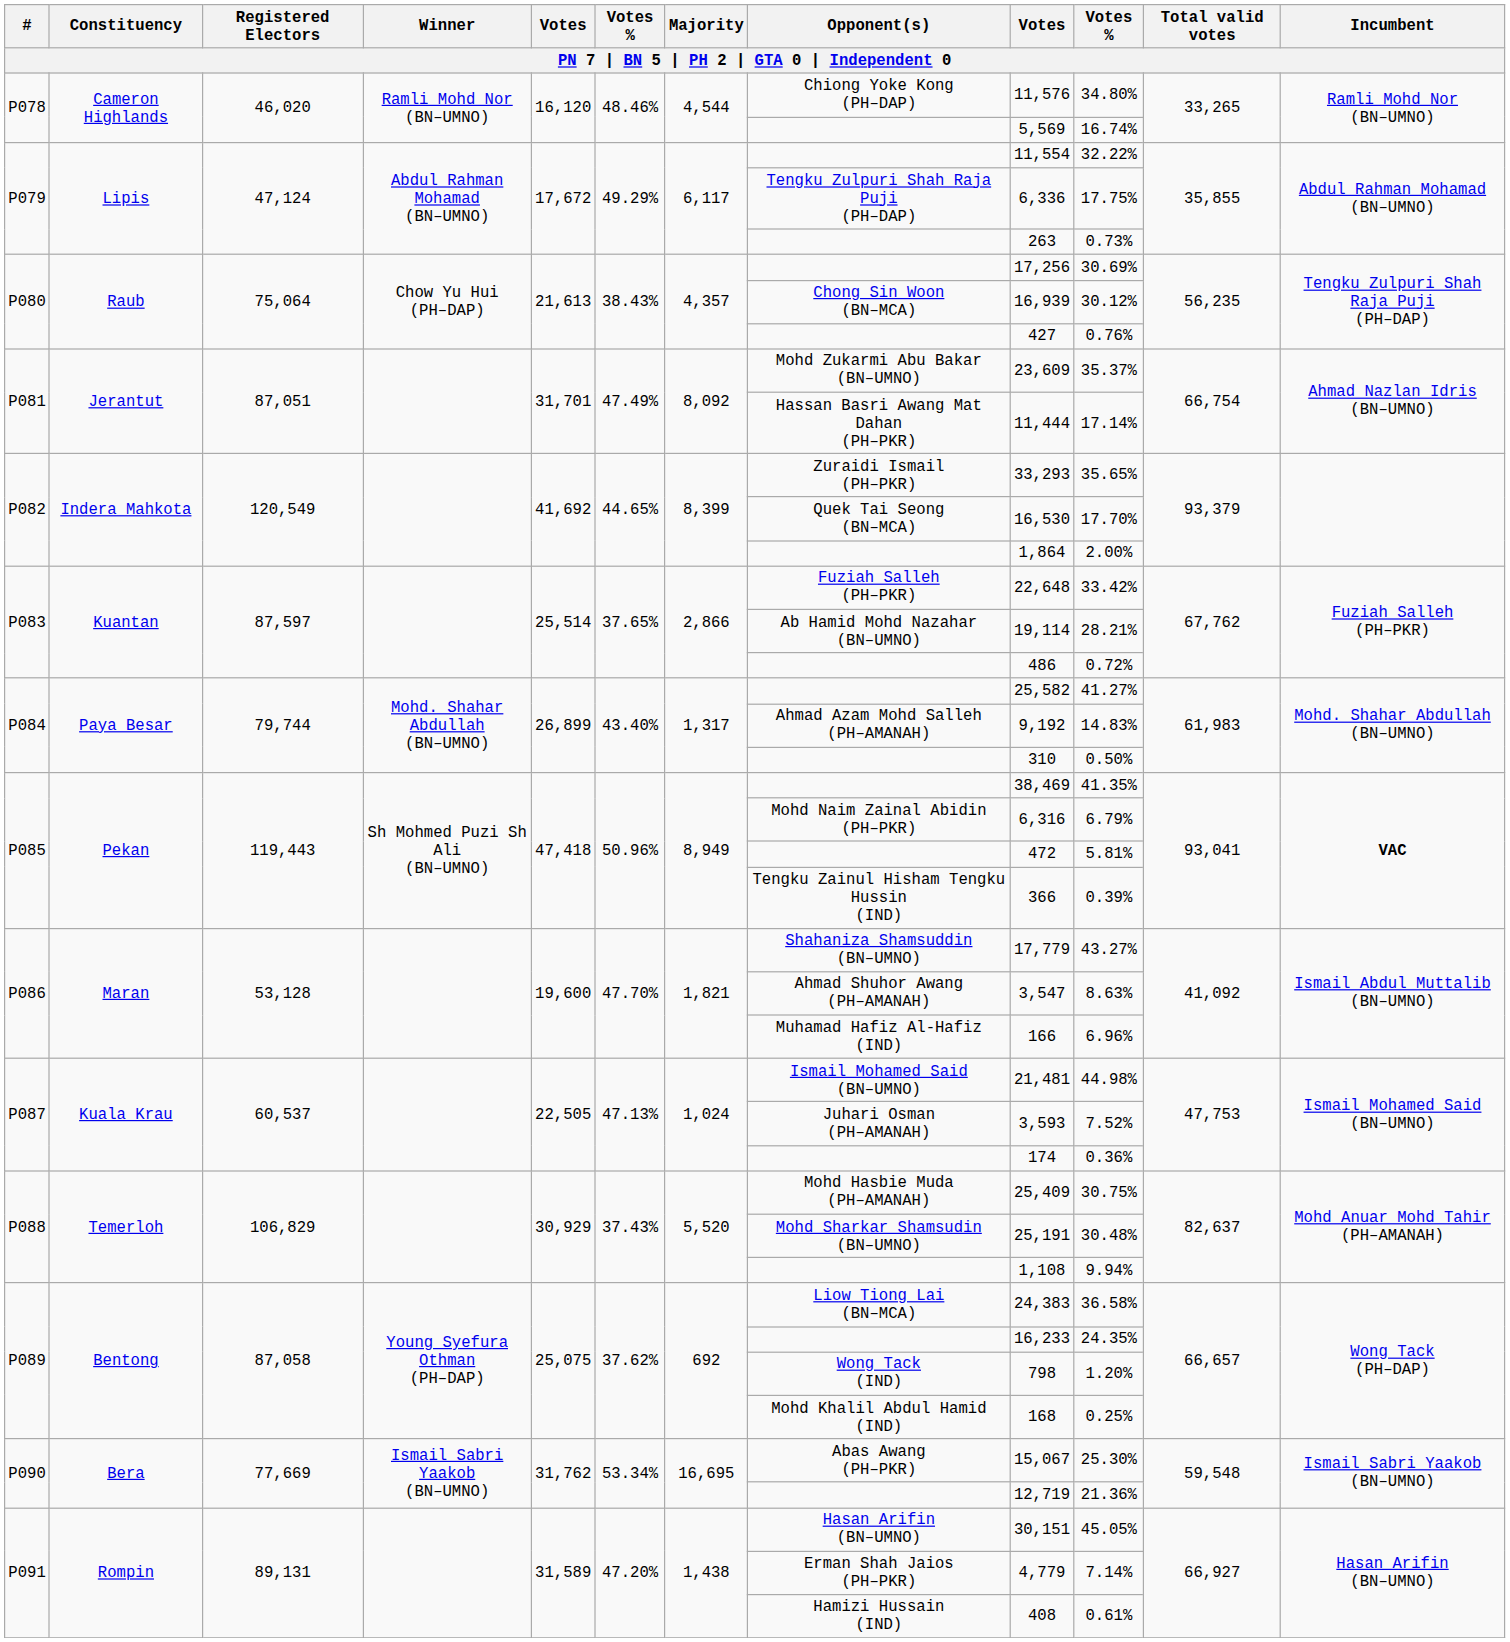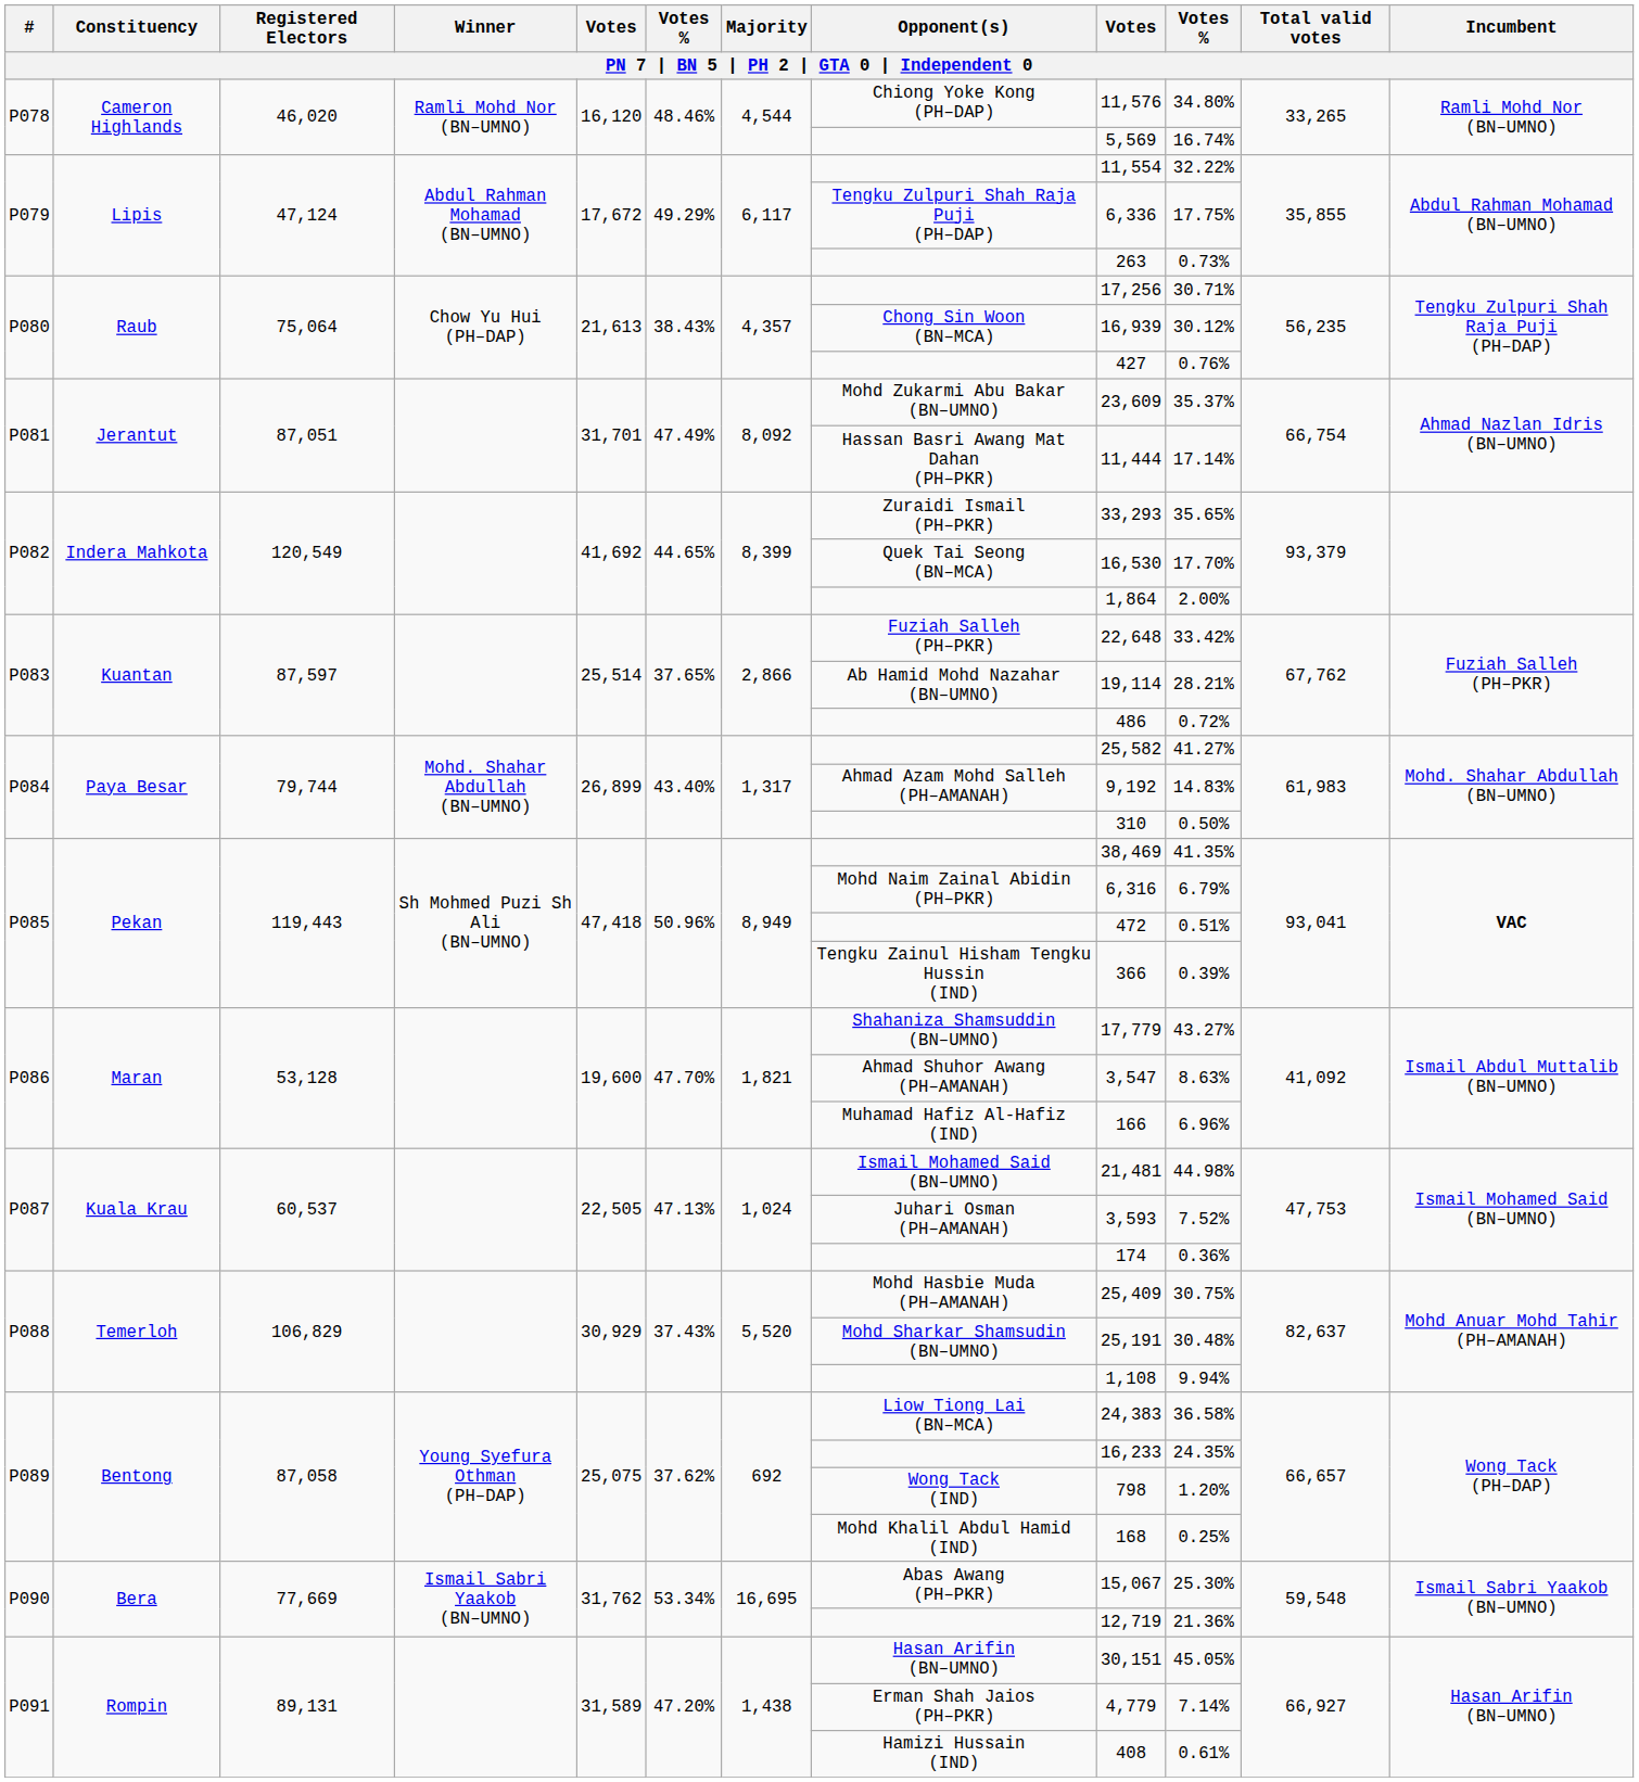 <table class="wikitable sortable" style">
 <tr>
 <th>#</th>
 <th>Constituency</th>
 <th>Registered Electors</th>
 <th>Winner</th>
 <th>Votes</th>
 <th>Votes %</th>
 <th>Majority</th>
 <th>Opponent(s)</th>
 <th>Votes</th>
 <th>Votes %</th>
 <th>Total valid votes</th>
 <th>Incumbent</th>
 </tr>
 <tr>
 <th colspan="13"><a href='#'>PN</a> <strong>7</strong> | <a href='#'>BN</a> <strong>5</strong> | <a href='#'>PH</a> <strong>2</strong>  | <a href='#'>GTA</a> <strong>0</strong> | <a href='#'>Independent</a> <strong>0</strong></th>
 </tr>
 <tr align="center">
 <td rowspan=2>P078</td>
 <td rowspan=2><a href='#'>Cameron Highlands</a></td>
 <td rowspan=2>46,020</td>
 <td rowspan=2><a href='#'>Ramli Mohd Nor</a><br>(BN–UMNO)</td>
 <td rowspan=2>16,120</td>
 <td rowspan=2>48.46%</td>
 <td rowspan=2>4,544</td>
 <td>Chiong Yoke Kong<br>(PH–DAP)</td>
 <td>11,576</td>
 <td>34.80%</td>
 <td rowspan=2>33,265</td>
 <td rowspan=2><a href='#'>Ramli Mohd Nor</a><br>(BN–UMNO)</td>
 </tr>
 <tr align="center">
 <td></td>
 <td>5,569</td>
 <td>16.74%</td>
 </tr>
 <tr align="center">
 <td rowspan=3>P079</td>
 <td rowspan=3><a href='#'>Lipis</a></td>
 <td rowspan=3>47,124</td>
 <td rowspan=3><a href='#'>Abdul Rahman Mohamad</a><br>(BN–UMNO)</td>
 <td rowspan=3>17,672</td>
 <td rowspan=3>49.29%</td>
 <td rowspan=3>6,117</td>
 <td></td>
 <td>11,554</td>
 <td>32.22%</td>
 <td rowspan=3>35,855</td>
 <td rowspan=3><a href='#'>Abdul Rahman Mohamad</a><br>(BN–UMNO)</td>
 </tr>
 <tr align="center">
 <td><a href='#'>Tengku Zulpuri Shah Raja Puji</a><br>(PH–DAP)</td>
 <td>6,336</td>
 <td>17.75%</td>
 </tr>
 <tr align="center">
 <td></td>
 <td>263</td>
 <td>0.73%</td>
 </tr>
 <tr align="center">
 <td rowspan=3>P080</td>
 <td rowspan=3><a href='#'>Raub</a></td>
 <td rowspan=3>75,064</td>
 <td rowspan=3>Chow Yu Hui<br>(PH–DAP)</td>
 <td rowspan=3>21,613</td>
 <td rowspan=3>38.43%</td>
 <td rowspan=3>4,357</td>
 <td></td>
 <td>17,256</td>
-<td>30.69%</td>
+<td>30.71%</td>
 <td rowspan=3>56,235</td>
 <td rowspan=3><a href='#'>Tengku Zulpuri Shah Raja Puji</a><br>(PH–DAP)</td>
 </tr>
 <tr align="center">
 <td><a href='#'>Chong Sin Woon</a><br>(BN–MCA)</td>
 <td>16,939</td>
 <td>30.12%</td>
 </tr>
 <tr align="center">
 <td></td>
 <td>427</td>
 <td>0.76%</td>
 </tr>
 <tr align="center">
 <td rowspan=2>P081</td>
 <td rowspan=2><a href='#'>Jerantut</a></td>
 <td rowspan=2>87,051</td>
 <td rowspan=2><br></td>
 <td rowspan=2>31,701</td>
 <td rowspan=2>47.49%</td>
 <td rowspan=2>8,092</td>
 <td>Mohd Zukarmi Abu Bakar<br>(BN–UMNO)</td>
 <td>23,609</td>
 <td>35.37%</td>
 <td rowspan=2>66,754</td>
 <td rowspan=2><a href='#'>Ahmad Nazlan Idris</a><br>(BN–UMNO)</td>
 </tr>
 <tr align="center">
 <td>Hassan Basri Awang Mat Dahan<br>(PH–PKR)</td>
 <td>11,444</td>
 <td>17.14%</td>
 </tr>
 <tr align="center">
 <td rowspan=3>P082</td>
 <td rowspan=3><a href='#'>Indera Mahkota</a></td>
 <td rowspan=3>120,549</td>
 <td rowspan=3><br></td>
 <td rowspan=3>41,692</td>
 <td rowspan=3>44.65%</td>
 <td rowspan=3>8,399</td>
 <td>Zuraidi Ismail<br>(PH–PKR)</td>
 <td>33,293</td>
 <td>35.65%</td>
 <td rowspan=3>93,379</td>
 <td rowspan=3><br></td>
 </tr>
 <tr align="center">
 <td>Quek Tai Seong<br>(BN–MCA)</td>
 <td>16,530</td>
 <td>17.70%</td>
 </tr>
 <tr align="center">
 <td></td>
 <td>1,864</td>
 <td>2.00%</td>
 </tr>
 <tr align="center">
 <td rowspan=3>P083</td>
 <td rowspan=3><a href='#'>Kuantan</a></td>
 <td rowspan=3>87,597</td>
 <td rowspan=3><br></td>
 <td rowspan=3>25,514</td>
 <td rowspan=3>37.65%</td>
 <td rowspan=3>2,866</td>
 <td><a href='#'>Fuziah Salleh</a><br>(PH–PKR)</td>
 <td>22,648</td>
 <td>33.42%</td>
 <td rowspan=3>67,762</td>
 <td rowspan=3><a href='#'>Fuziah Salleh</a><br>(PH–PKR)</td>
 </tr>
 <tr align="center">
 <td>Ab Hamid Mohd Nazahar<br>(BN–UMNO)</td>
 <td>19,114</td>
 <td>28.21%</td>
 </tr>
 <tr align="center">
 <td></td>
 <td>486</td>
 <td>0.72%</td>
 </tr>
 <tr align="center">
 <td rowspan=3>P084</td>
 <td rowspan=3><a href='#'>Paya Besar</a></td>
 <td rowspan=3>79,744</td>
 <td rowspan=3><a href='#'>Mohd. Shahar Abdullah</a><br>(BN–UMNO)</td>
 <td rowspan=3>26,899</td>
 <td rowspan=3>43.40%</td>
 <td rowspan=3>1,317</td>
 <td></td>
 <td>25,582</td>
 <td>41.27%</td>
 <td rowspan=3>61,983</td>
 <td rowspan=3><a href='#'>Mohd. Shahar Abdullah</a><br>(BN–UMNO)</td>
 </tr>
 <tr align="center">
 <td>Ahmad Azam Mohd Salleh<br>(PH–AMANAH)</td>
 <td>9,192</td>
 <td>14.83%</td>
 </tr>
 <tr align="center">
 <td></td>
 <td>310</td>
 <td>0.50%</td>
 </tr>
 <tr align="center">
 <td rowspan=4>P085</td>
 <td rowspan=4><a href='#'>Pekan</a></td>
 <td rowspan=4>119,443</td>
 <td rowspan=4>Sh Mohmed Puzi Sh Ali<br>(BN–UMNO)</td>
 <td rowspan=4>47,418</td>
 <td rowspan=4>50.96%</td>
 <td rowspan=4>8,949</td>
 <td></td>
 <td>38,469</td>
 <td>41.35%</td>
 <td rowspan=4>93,041</td>
 <td rowspan=4><strong>VAC</strong></td>
 </tr>
 <tr align="center">
 <td>Mohd Naim Zainal Abidin<br>(PH–PKR)</td>
 <td>6,316</td>
 <td>6.79%</td>
 </tr>
 <tr align="center">
 <td></td>
 <td>472</td>
-<td>5.81%</td>
+<td>0.51%</td>
 </tr>
 <tr align="center">
 <td>Tengku Zainul Hisham Tengku Hussin<br>(IND)</td>
 <td>366</td>
 <td>0.39%</td>
 </tr>
 <tr align="center">
 <td rowspan=3>P086</td>
 <td rowspan=3><a href='#'>Maran</a></td>
 <td rowspan=3>53,128</td>
 <td rowspan=3><br></td>
 <td rowspan=3>19,600</td>
 <td rowspan=3>47.70%</td>
 <td rowspan=3>1,821</td>
 <td><a href='#'>Shahaniza Shamsuddin</a><br>(BN–UMNO)</td>
 <td>17,779</td>
 <td>43.27%</td>
 <td rowspan=3>41,092</td>
 <td rowspan=3><a href='#'>Ismail Abdul Muttalib</a><br>(BN–UMNO)</td>
 </tr>
 <tr align="center">
 <td>Ahmad Shuhor Awang<br>(PH–AMANAH)</td>
 <td>3,547</td>
 <td>8.63%</td>
 </tr>
 <tr align="center">
 <td>Muhamad Hafiz Al-Hafiz<br>(IND)</td>
 <td>166</td>
 <td>6.96%</td>
 </tr>
 <tr align="center">
 <td rowspan=3>P087</td>
 <td rowspan=3><a href='#'>Kuala Krau</a></td>
 <td rowspan=3>60,537</td>
 <td rowspan=3></td>
 <td rowspan=3>22,505</td>
 <td rowspan=3>47.13%</td>
 <td rowspan=3>1,024</td>
 <td><a href='#'>Ismail Mohamed Said</a><br>(BN–UMNO)</td>
 <td>21,481</td>
 <td>44.98%</td>
 <td rowspan=3>47,753</td>
 <td rowspan=3><a href='#'>Ismail Mohamed Said</a><br>(BN–UMNO)</td>
 </tr>
 <tr align="center">
 <td>Juhari Osman<br>(PH–AMANAH)</td>
 <td>3,593</td>
 <td>7.52%</td>
 </tr>
 <tr align="center">
 <td></td>
 <td>174</td>
 <td>0.36%</td>
 </tr>
 <tr align="center">
 <td rowspan=3>P088</td>
 <td rowspan=3><a href='#'>Temerloh</a></td>
 <td rowspan=3>106,829</td>
 <td rowspan=3></td>
 <td rowspan=3>30,929</td>
 <td rowspan=3>37.43%</td>
 <td rowspan=3>5,520</td>
 <td>Mohd Hasbie Muda<br>(PH–AMANAH)</td>
 <td>25,409</td>
 <td>30.75%</td>
 <td rowspan=3>82,637</td>
 <td rowspan=3><a href='#'>Mohd Anuar Mohd Tahir</a><br>(PH–AMANAH)</td>
 </tr>
 <tr align="center">
 <td><a href='#'>Mohd Sharkar Shamsudin</a><br>(BN–UMNO)</td>
 <td>25,191</td>
 <td>30.48%</td>
 </tr>
 <tr align="center">
 <td></td>
 <td>1,108</td>
 <td>9.94%</td>
 </tr>
 <tr align="center">
 <td rowspan=4>P089</td>
 <td rowspan=4><a href='#'>Bentong</a></td>
 <td rowspan=4>87,058</td>
 <td rowspan=4><a href='#'>Young Syefura Othman</a><br>(PH–DAP)</td>
 <td rowspan=4>25,075</td>
 <td rowspan=4>37.62%</td>
 <td rowspan=4>692</td>
 <td><a href='#'>Liow Tiong Lai</a> <br>(BN–MCA)</td>
 <td>24,383</td>
 <td>36.58%</td>
 <td rowspan=4>66,657</td>
 <td rowspan=4><a href='#'>Wong Tack</a><br>(PH–DAP)</td>
 </tr>
 <tr align="center">
 <td></td>
 <td>16,233</td>
 <td>24.35%</td>
 </tr>
 <tr align="center">
 <td><a href='#'>Wong Tack</a><br>(IND)</td>
 <td>798</td>
 <td>1.20%</td>
 </tr>
 <tr align="center">
 <td>Mohd Khalil Abdul Hamid<br>(IND)</td>
 <td>168</td>
 <td>0.25%</td>
 </tr>
 <tr align="center">
 <td rowspan=2>P090</td>
 <td rowspan=2><a href='#'>Bera</a></td>
 <td rowspan=2>77,669</td>
 <td rowspan=2><a href='#'>Ismail Sabri Yaakob</a><br>(BN–UMNO)</td>
 <td rowspan=2>31,762</td>
 <td rowspan=2>53.34%</td>
 <td rowspan=2>16,695</td>
 <td>Abas Awang<br>(PH–PKR)</td>
 <td>15,067</td>
 <td>25.30%</td>
 <td rowspan=2>59,548</td>
 <td rowspan=2><a href='#'>Ismail Sabri Yaakob</a><br>(BN–UMNO)</td>
 </tr>
 <tr align="center">
 <td></td>
 <td>12,719</td>
 <td>21.36%</td>
 </tr>
 <tr align="center">
 <td rowspan=3>P091</td>
 <td rowspan=3><a href='#'>Rompin</a></td>
 <td rowspan=3>89,131</td>
 <td rowspan=3></td>
 <td rowspan=3>31,589</td>
 <td rowspan=3>47.20%</td>
 <td rowspan=3>1,438</td>
 <td><a href='#'>Hasan Arifin</a><br>(BN–UMNO)</td>
 <td>30,151</td>
 <td>45.05%</td>
 <td rowspan=3>66,927</td>
 <td rowspan=3><a href='#'>Hasan Arifin</a><br>(BN–UMNO)</td>
 </tr>
 <tr align="center">
 <td>Erman Shah Jaios<br>(PH–PKR)</td>
 <td>4,779</td>
 <td>7.14%</td>
 </tr>
 <tr align="center">
 <td>Hamizi Hussain<br>(IND)</td>
 <td>408</td>
 <td>0.61%</td>
 </tr>
 </table>
